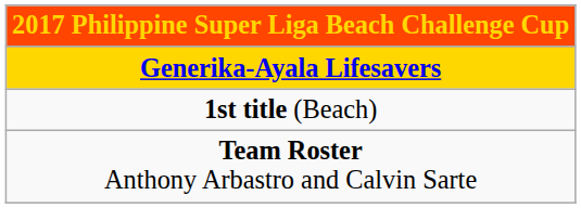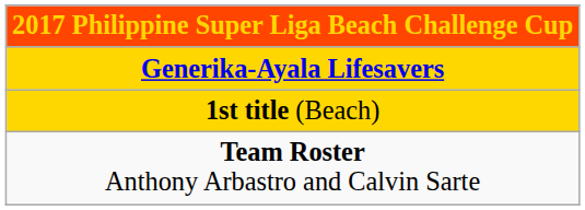 <table class=wikitable style="text-align:center; margin:auto;">
 <tr>
 <th style="background:#FF4500; color:#FFD700;">2017 Philippine Super Liga Beach Challenge Cup</th>
 </tr>
 <tr bgcolor="gold">
 <td><strong><a href='#'>Generika-Ayala Lifesavers</a></strong></td>
 </tr>
 <tr>
-<td><strong>1st title</strong> (Beach)</td>
+<td style="background: gold;"><strong>1st title</strong> (Beach)</td>
 </tr>
 <tr>
 <td><strong>Team Roster</strong><br>Anthony Arbastro and Calvin Sarte</td>
 </tr>
 </table>
